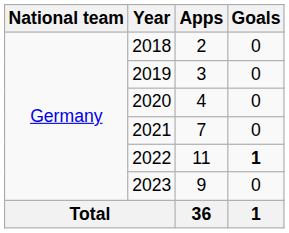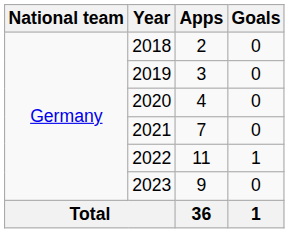 <table class="wikitable" style="text-align:center">
 <tr>
 <th>National team</th>
 <th>Year</th>
 <th>Apps</th>
 <th>Goals</th>
 </tr>
 <tr>
 <td rowspan="6"><a href='#'>Germany</a></td>
 <td>2018</td>
 <td>2</td>
 <td>0</td>
 </tr>
 <tr>
 <td>2019</td>
 <td>3</td>
 <td>0</td>
 </tr>
 <tr>
 <td>2020</td>
 <td>4</td>
 <td>0</td>
 </tr>
 <tr>
 <td>2021</td>
 <td>7</td>
 <td>0</td>
 </tr>
 <tr>
 <td>2022</td>
 <td>11</td>
-<td><strong>1</strong></td>
+<td>1</td>
 </tr>
 <tr>
 <td>2023</td>
 <td>9</td>
 <td>0</td>
 </tr>
 <tr>
 <th colspan="2">Total</th>
 <th>36</th>
 <th>1</th>
 </tr>
 </table>
